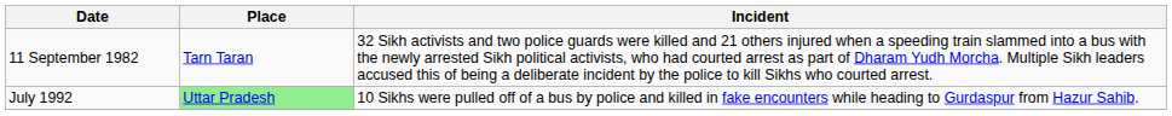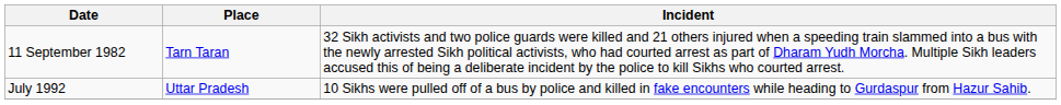 <table class="wikitable">
 <tr>
 <th width="15%">Date</th>
 <th width="15%">Place</th>
 <th width="70%">Incident</th>
 </tr>
 <tr>
 <td>11 September 1982</td>
 <td><a href='#'>Tarn Taran</a></td>
 <td>32 Sikh activists and two police guards were killed and 21 others injured when a speeding train slammed into a bus with the newly arrested Sikh political activists, who had courted arrest as part of <a href='#'>Dharam Yudh Morcha</a>. Multiple Sikh leaders accused this of being a deliberate incident by the police to kill Sikhs who courted arrest.</td>
 </tr>
 <tr>
 <td>July 1992</td>
-<td style="background: lightgreen;"><a href='#'>Uttar Pradesh</a></td>
+<td><a href='#'>Uttar Pradesh</a></td>
 <td>10 Sikhs were pulled off of a bus by police and killed in <a href='#'>fake encounters</a> while heading to <a href='#'>Gurdaspur</a> from <a href='#'>Hazur Sahib</a>.</td>
 </tr>
 <tr>
 </tr>
 </table>
